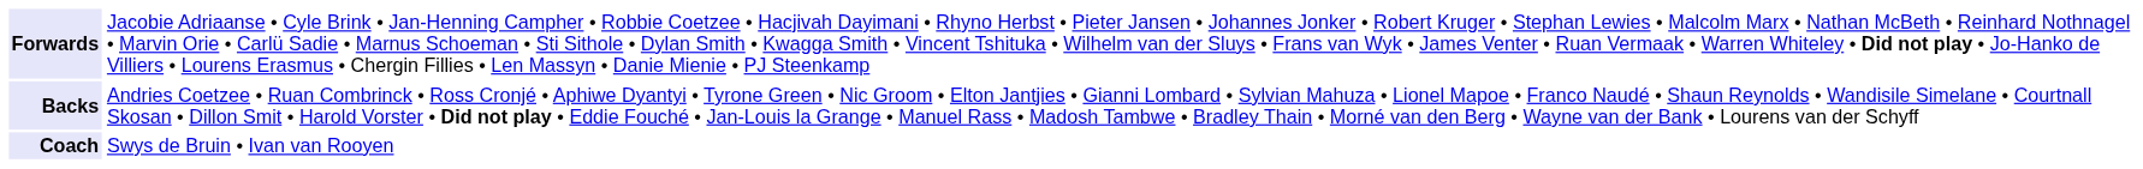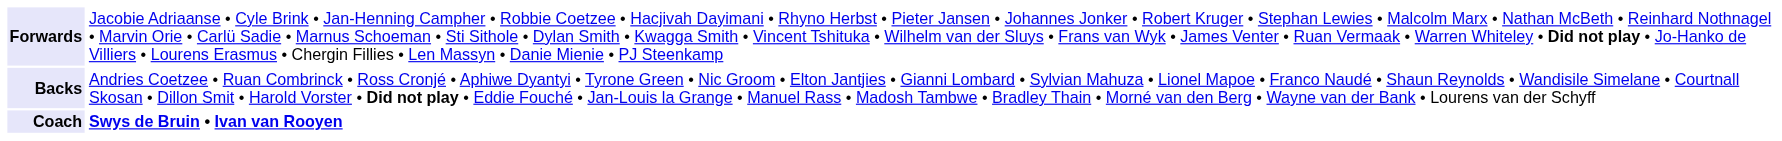 <table cellpadding="2" style="border: 1px solid white; font-size:90%;">
 <tr>
 <td style="text-align:right;" bgcolor="lavender"><strong>Forwards</strong></td>
 <td style="text-align:left;"><a href='#'>Jacobie Adriaanse</a> • <a href='#'>Cyle Brink</a> • <a href='#'>Jan-Henning Campher</a> • <a href='#'>Robbie Coetzee</a> • <a href='#'>Hacjivah Dayimani</a> • <a href='#'>Rhyno Herbst</a> • <a href='#'>Pieter Jansen</a> • <a href='#'>Johannes Jonker</a> • <a href='#'>Robert Kruger</a> • <a href='#'>Stephan Lewies</a> • <a href='#'>Malcolm Marx</a> • <a href='#'>Nathan McBeth</a> • <a href='#'>Reinhard Nothnagel</a> • <a href='#'>Marvin Orie</a> • <a href='#'>Carlü Sadie</a> • <a href='#'>Marnus Schoeman</a> • <a href='#'>Sti Sithole</a> • <a href='#'>Dylan Smith</a> • <a href='#'>Kwagga Smith</a> • <a href='#'>Vincent Tshituka</a> • <a href='#'>Wilhelm van der Sluys</a> • <a href='#'>Frans van Wyk</a> • <a href='#'>James Venter</a> • <a href='#'>Ruan Vermaak</a> • <a href='#'>Warren Whiteley</a> • <strong>Did not play</strong> • <a href='#'>Jo-Hanko de Villiers</a> • <a href='#'>Lourens Erasmus</a> • Chergin Fillies • <a href='#'>Len Massyn</a> • <a href='#'>Danie Mienie</a> • <a href='#'>PJ Steenkamp</a></td>
 </tr>
 <tr>
 <td style="text-align:right;" bgcolor="lavender"><strong>Backs</strong></td>
 <td style="text-align:left;"><a href='#'>Andries Coetzee</a> • <a href='#'>Ruan Combrinck</a> • <a href='#'>Ross Cronjé</a> • <a href='#'>Aphiwe Dyantyi</a> • <a href='#'>Tyrone Green</a> • <a href='#'>Nic Groom</a> • <a href='#'>Elton Jantjies</a> • <a href='#'>Gianni Lombard</a> • <a href='#'>Sylvian Mahuza</a> • <a href='#'>Lionel Mapoe</a> • <a href='#'>Franco Naudé</a> • <a href='#'>Shaun Reynolds</a> • <a href='#'>Wandisile Simelane</a> • <a href='#'>Courtnall Skosan</a> • <a href='#'>Dillon Smit</a> • <a href='#'>Harold Vorster</a> • <strong>Did not play</strong> • <a href='#'>Eddie Fouché</a> • <a href='#'>Jan-Louis la Grange</a> • <a href='#'>Manuel Rass</a> • <a href='#'>Madosh Tambwe</a> • <a href='#'>Bradley Thain</a> • <a href='#'>Morné van den Berg</a> • <a href='#'>Wayne van der Bank</a> • Lourens van der Schyff</td>
 </tr>
 <tr>
 <td style="text-align:right;" bgcolor="lavender"><strong>Coach</strong></td>
-<td style="text-align:left;"><a href='#'>Swys de Bruin</a> • <a href='#'>Ivan van Rooyen</a></td>
+<td style="text-align:left;"><strong><a href='#'>Swys de Bruin</a> • <a href='#'>Ivan van Rooyen</a></strong></td>
 </tr>
 </table>
